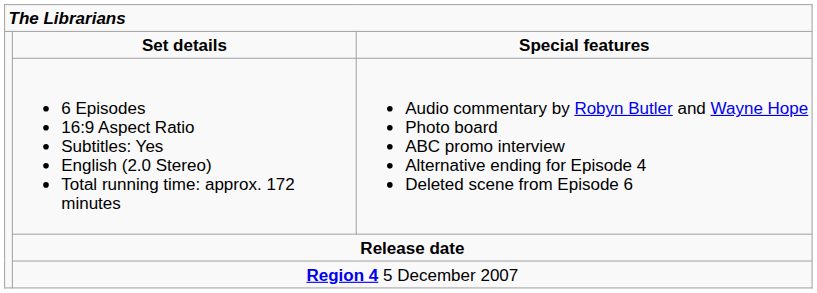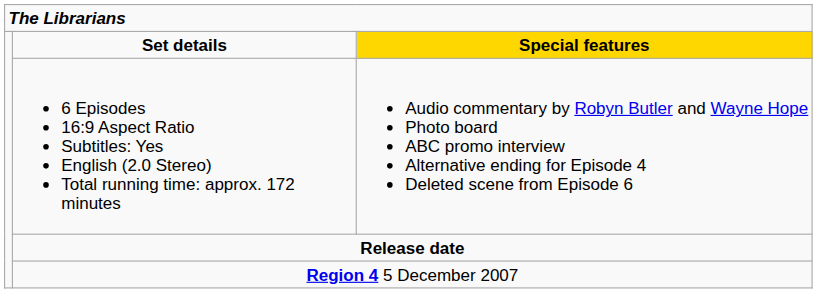 <table class="wikitable" style="font-size: 95%;">
 <tr>
 <td colspan="3"><strong><em>The Librarians</em></strong></td>
 </tr>
 <tr>
 <td rowspan="6" align="center"></td>
 <td width="300" align="center" colspan="1"><strong>Set details</strong></td>
-<td width="400" align="center" colspan="1"><strong>Special features</strong></td>
+<td width="400" align="center" colspan="1" style="background: gold;"><strong>Special features</strong></td>
 </tr>
 <tr valign="top">
 <td colspan="1" align="left" width="300"><br><ul><li>6 Episodes</li><li>16:9 Aspect Ratio</li><li>Subtitles: Yes</li><li>English (2.0 Stereo)</li><li>Total running time: approx. 172 minutes</li></ul></td>
 <td colspan="1" align="left" width="400"><br><ul><li>Audio commentary by <a href='#'>Robyn Butler</a> and <a href='#'>Wayne Hope</a></li><li>Photo board</li><li>ABC promo interview</li><li>Alternative ending for Episode 4</li><li>Deleted scene from Episode 6</li></ul></td>
 </tr>
 <tr>
 <td colspan="3" align="center"><strong>Release date</strong></td>
 </tr>
 <tr>
 <td colspan="3" align="center"><strong><a href='#'>Region 4</a></strong> 5 December 2007</td>
 </tr>
 </table>
